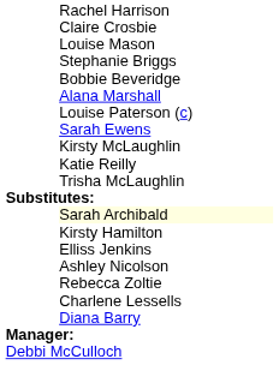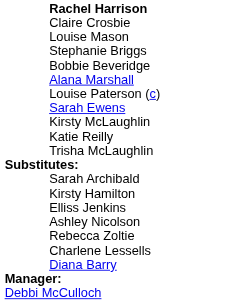 <table style="font-size: 90%" cellspacing="0" cellpadding="0" align="center">
 <tr>
 <th width="25"></th>
 <th width="25"></th>
 <th width="200"></th>
 <th></th>
 </tr>
 <tr>
 <td></td>
 <td></td>
-<td> Rachel Harrison</td>
+<td><strong> Rachel Harrison</strong></td>
 </tr>
 <tr>
 <td></td>
 <td></td>
 <td> Claire Crosbie</td>
 </tr>
 <tr>
 <td></td>
 <td></td>
 <td> Louise Mason</td>
 </tr>
 <tr>
 <td></td>
 <td></td>
 <td> Stephanie Briggs</td>
 </tr>
 <tr>
 <td></td>
 <td></td>
 <td> Bobbie Beveridge</td>
 </tr>
 <tr>
 <td></td>
 <td></td>
 <td> <a href='#'>Alana Marshall</a></td>
 </tr>
 <tr>
 <td></td>
 <td></td>
 <td> Louise Paterson (<a href='#'>c</a>)</td>
 </tr>
 <tr>
 <td></td>
 <td></td>
 <td> <a href='#'>Sarah Ewens</a></td>
 </tr>
 <tr>
 <td></td>
 <td></td>
 <td> Kirsty McLaughlin</td>
 </tr>
 <tr>
 <td></td>
 <td></td>
 <td> Katie Reilly</td>
 </tr>
 <tr>
 <td></td>
 <td></td>
 <td> Trisha McLaughlin</td>
 </tr>
 <tr>
 <td colspan="4"><strong>Substitutes:</strong></td>
 </tr>
 <tr>
 <td></td>
 <td></td>
-<td style="background: lightyellow;">  Sarah Archibald</td>
+<td>  Sarah Archibald</td>
 </tr>
 <tr>
 <td></td>
 <td></td>
 <td> Kirsty Hamilton</td>
 </tr>
 <tr>
 <td></td>
 <td></td>
 <td> Elliss Jenkins</td>
 </tr>
 <tr>
 <td></td>
 <td></td>
 <td> Ashley Nicolson</td>
 </tr>
 <tr>
 <td></td>
 <td></td>
 <td> Rebecca Zoltie</td>
 </tr>
 <tr>
 <td></td>
 <td></td>
 <td> Charlene Lessells</td>
 </tr>
 <tr>
 <td></td>
 <td></td>
 <td> <a href='#'>Diana Barry</a></td>
 </tr>
 <tr>
 <td colspan="4"><strong>Manager:</strong></td>
 </tr>
 <tr>
 <td colspan="4"> <a href='#'>Debbi McCulloch</a></td>
 </tr>
 </table>
